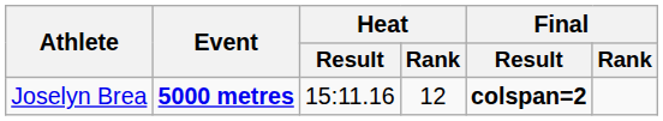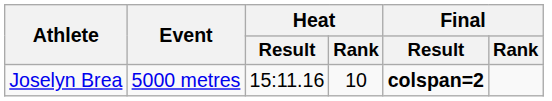 <table class="wikitable" style="font-size:90%">
 <tr>
 <th rowspan="2">Athlete</th>
 <th rowspan="2">Event</th>
 <th colspan="2">Heat</th>
 <th colspan="2">Final</th>
 </tr>
 <tr style="font-size:95%">
 <th>Result</th>
 <th>Rank</th>
 <th>Result</th>
 <th>Rank</th>
 </tr>
 <tr align=center>
 <td align=left><a href='#'>Joselyn Brea</a></td>
-<td align=left><strong><a href='#'>5000 metres</a></strong></td>
+<td align=left><a href='#'>5000 metres</a></td>
 <td>15:11.16</td>
-<td>12</td>
+<td>10</td>
 <td><strong>colspan=2 </strong></td>
 </tr>
 </table>
